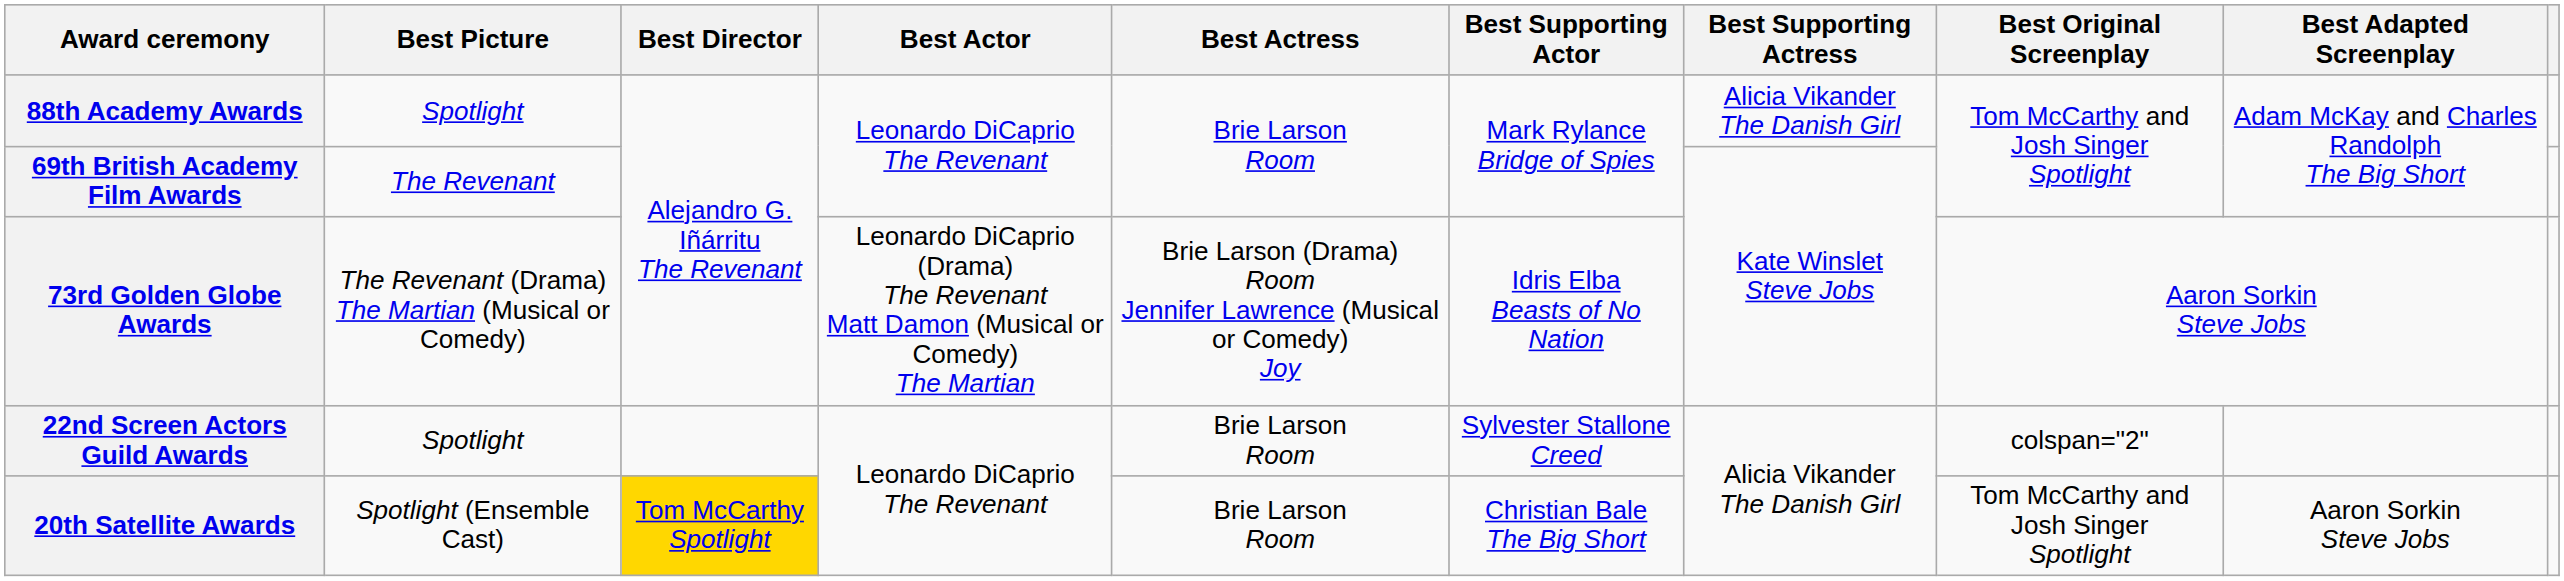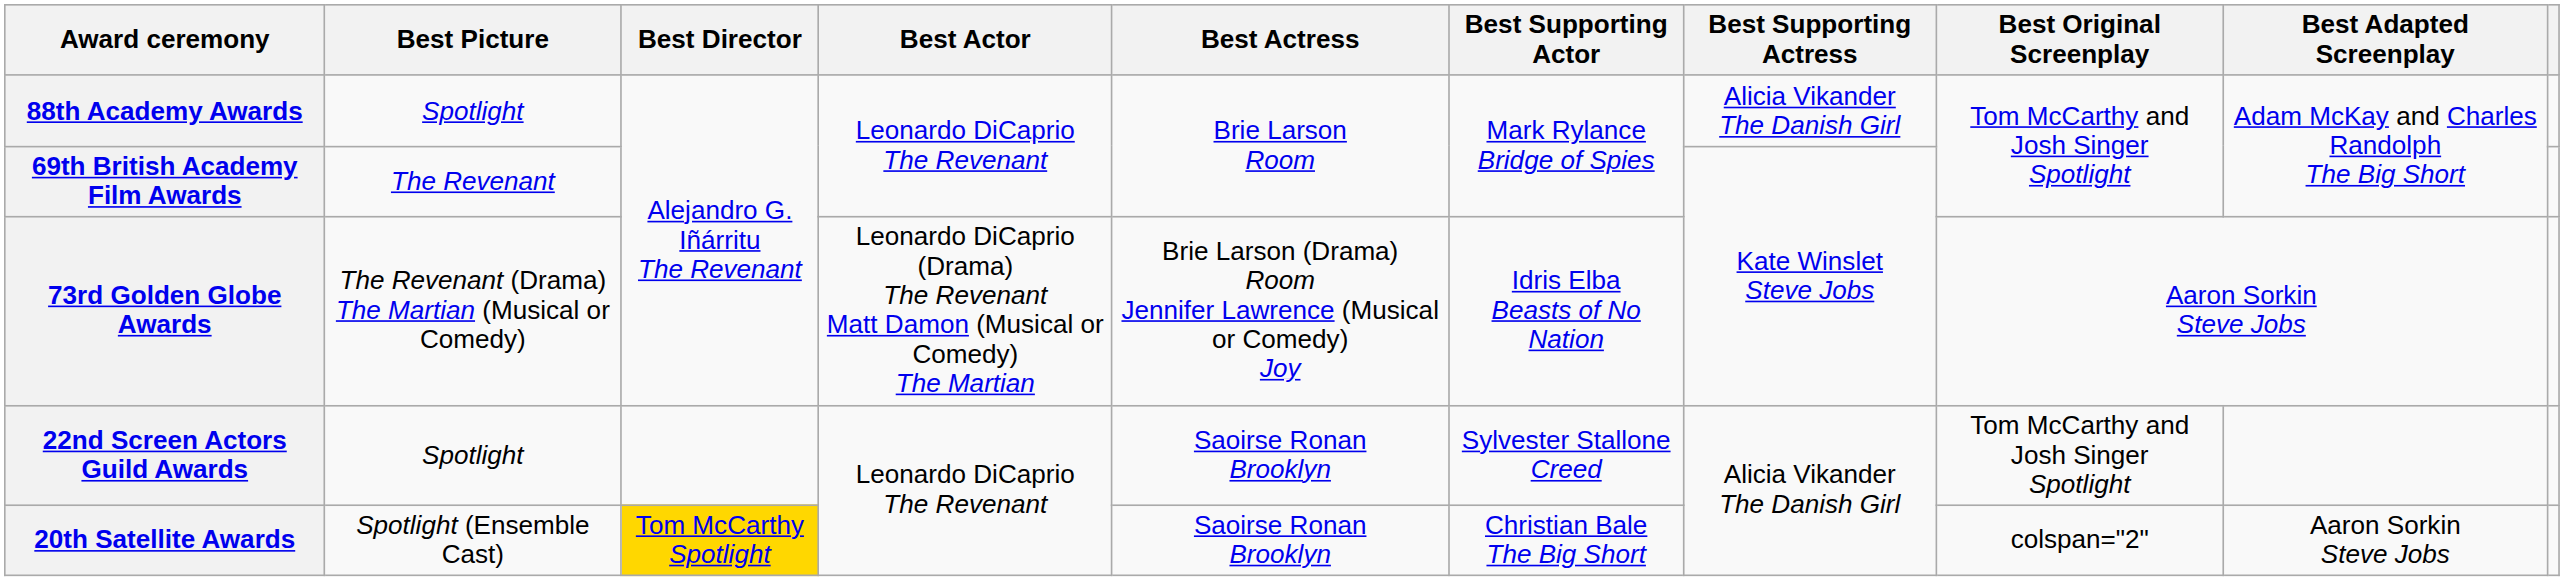 <table class="wikitable"  style="text-align:center">
 <tr>
 <th>Award ceremony</th>
 <th>Best Picture</th>
 <th>Best Director</th>
 <th>Best Actor</th>
 <th>Best Actress</th>
 <th>Best Supporting Actor</th>
 <th>Best Supporting Actress</th>
 <th>Best Original Screenplay</th>
 <th>Best Adapted Screenplay</th>
 <th></th>
 </tr>
 <tr>
 <th scope="row"><a href='#'>88th Academy Awards</a></th>
 <td><em><a href='#'>Spotlight</a></em></td>
 <td rowspan="3"><a href='#'>Alejandro G. Iñárritu</a><br><em><a href='#'>The Revenant</a></em></td>
 <td rowspan="2"><a href='#'>Leonardo DiCaprio</a><br><em><a href='#'>The Revenant</a></em></td>
 <td rowspan="2"><a href='#'>Brie Larson</a><br><em><a href='#'>Room</a></em></td>
 <td rowspan="2"><a href='#'>Mark Rylance</a><br><em><a href='#'>Bridge of Spies</a></em></td>
 <td><a href='#'>Alicia Vikander</a><br><em><a href='#'>The Danish Girl</a></em></td>
 <td rowspan="2"><a href='#'>Tom McCarthy</a> and <a href='#'>Josh Singer</a><br><em><a href='#'>Spotlight</a></em></td>
 <td rowspan="2"><a href='#'>Adam McKay</a> and <a href='#'>Charles Randolph</a><br><em><a href='#'>The Big Short</a></em></td>
 <td></td>
 </tr>
 <tr>
 <th scope="row"><a href='#'>69th British Academy Film Awards</a></th>
 <td><em><a href='#'>The Revenant</a></em></td>
 <td rowspan="2"><a href='#'>Kate Winslet</a><br><em><a href='#'>Steve Jobs</a></em></td>
 <td></td>
 </tr>
 <tr>
 <th scope="row"><a href='#'>73rd Golden Globe Awards</a></th>
 <td><em>The Revenant</em> (Drama)<br><em><a href='#'>The Martian</a></em> (Musical or Comedy)</td>
 <td>Leonardo DiCaprio (Drama)<br><em>The Revenant</em><br><a href='#'>Matt Damon</a> (Musical or Comedy)<br><em><a href='#'>The Martian</a></em></td>
 <td>Brie Larson (Drama)<br><em>Room</em><br><a href='#'>Jennifer Lawrence</a> (Musical or Comedy)<br><em><a href='#'>Joy</a></em></td>
 <td><a href='#'>Idris Elba</a><br><em><a href='#'>Beasts of No Nation</a></em></td>
 <td colspan="2"><a href='#'>Aaron Sorkin</a><br><em><a href='#'>Steve Jobs</a></em></td>
 <td></td>
 </tr>
 <tr>
 <th scope="row"><a href='#'>22nd Screen Actors Guild Awards</a></th>
 <td><em>Spotlight</em></td>
 <td></td>
 <td rowspan="2">Leonardo DiCaprio<br><em>The Revenant</em></td>
-<td>Brie Larson<br><em>Room</em></td>
+<td><a href='#'>Saoirse Ronan</a><br><em><a href='#'>Brooklyn</a></em></td>
 <td><a href='#'>Sylvester Stallone</a><br><em><a href='#'>Creed</a></em></td>
 <td rowspan="2">Alicia Vikander<br><em>The Danish Girl</em></td>
-<td>colspan="2" </td>
+<td>Tom McCarthy and Josh Singer<br><em>Spotlight</em></td>
 <td></td>
 </tr>
 <tr>
 <th scope="row"><a href='#'>20th Satellite Awards</a></th>
 <td><em>Spotlight</em> (Ensemble Cast)</td>
 <td style="background: gold;"><a href='#'>Tom McCarthy</a><br><em><a href='#'>Spotlight</a></em></td>
-<td>Brie Larson<br><em>Room</em></td>
+<td><a href='#'>Saoirse Ronan</a><br><em><a href='#'>Brooklyn</a></em></td>
 <td><a href='#'>Christian Bale</a><br><em><a href='#'>The Big Short</a></em></td>
-<td>Tom McCarthy and Josh Singer<br><em>Spotlight</em></td>
+<td>colspan="2" </td>
 <td>Aaron Sorkin<br><em>Steve Jobs</em></td>
 <td></td>
 </tr>
 </table>
